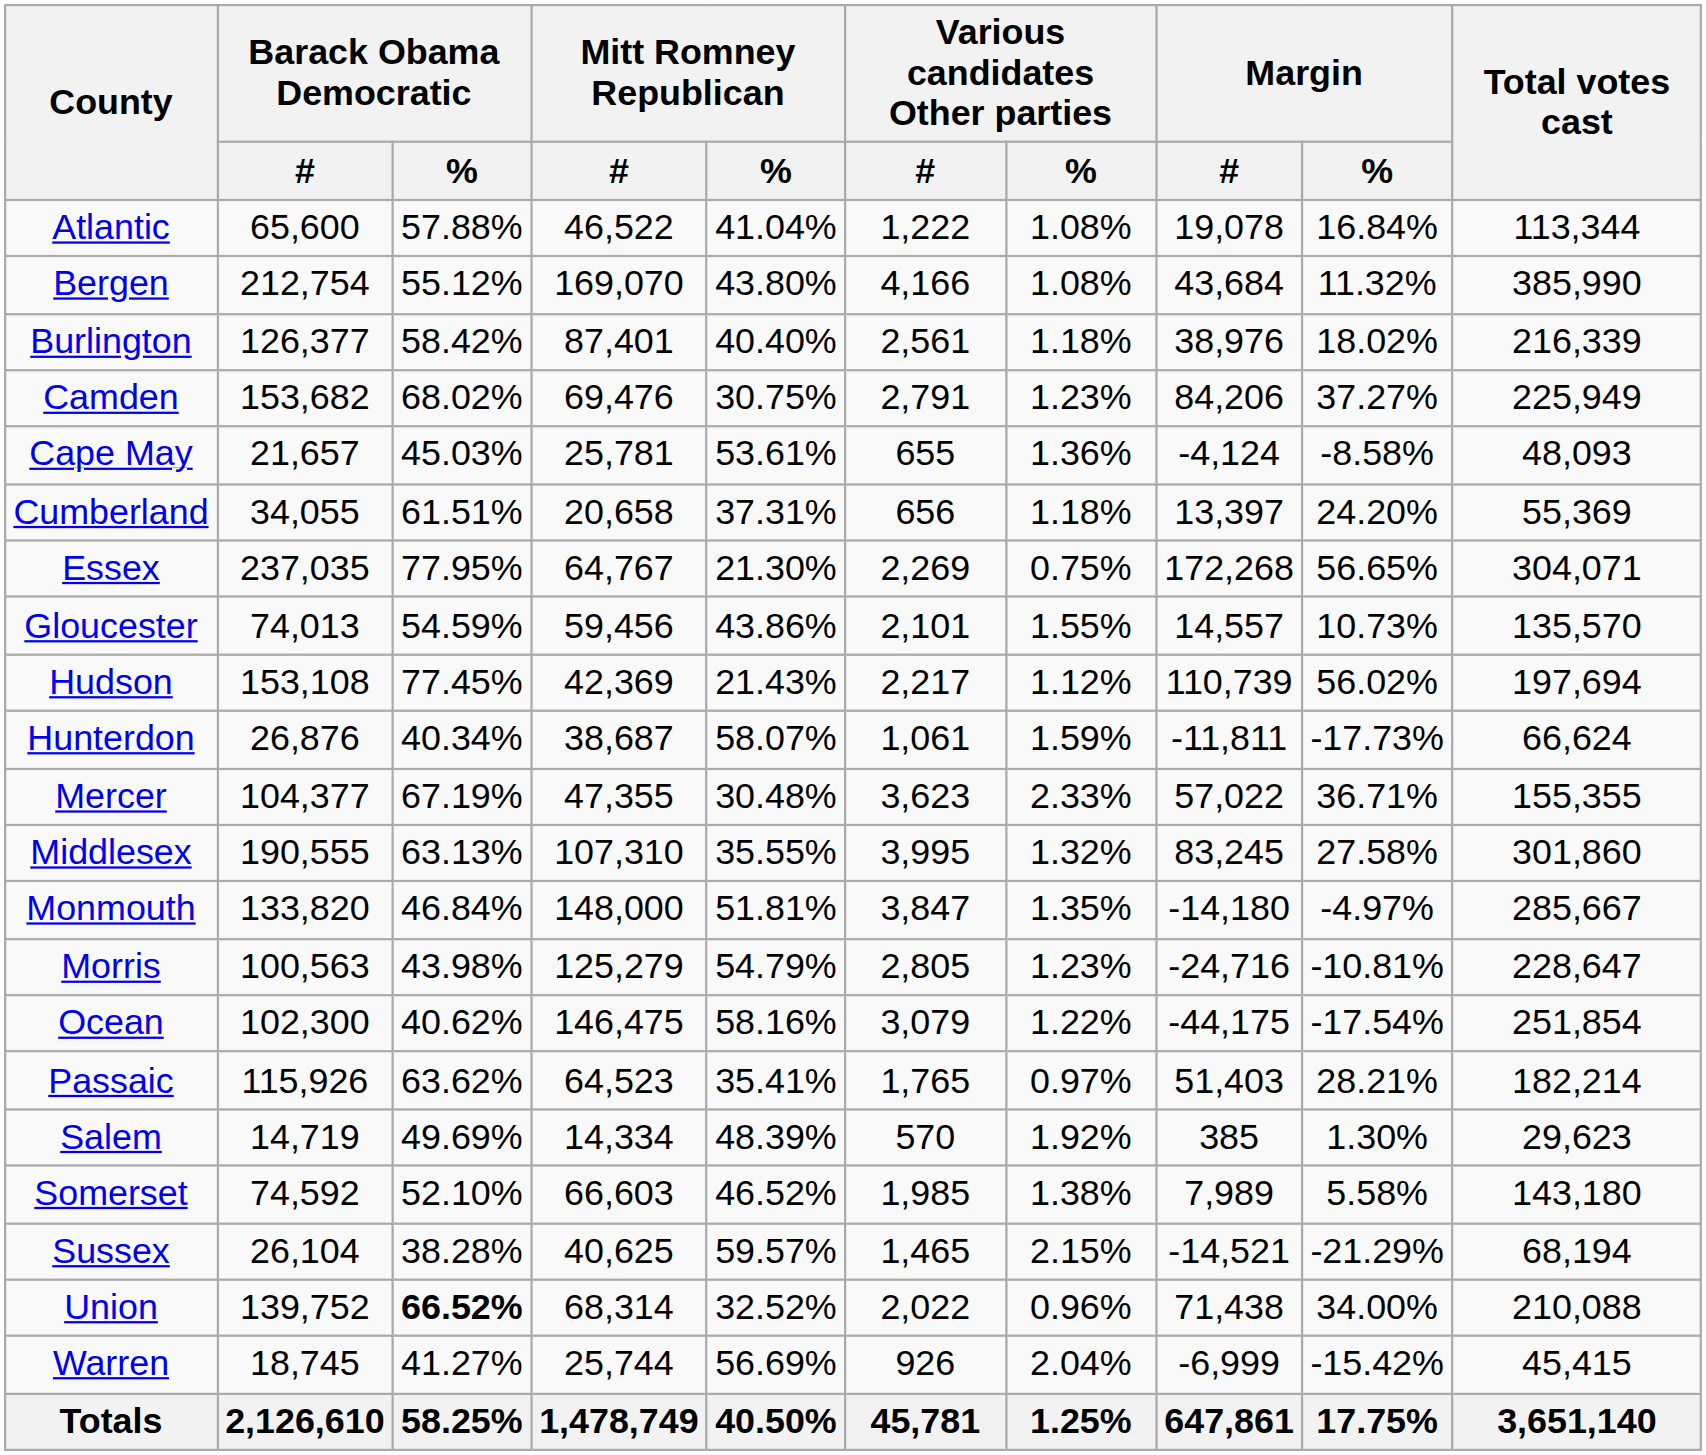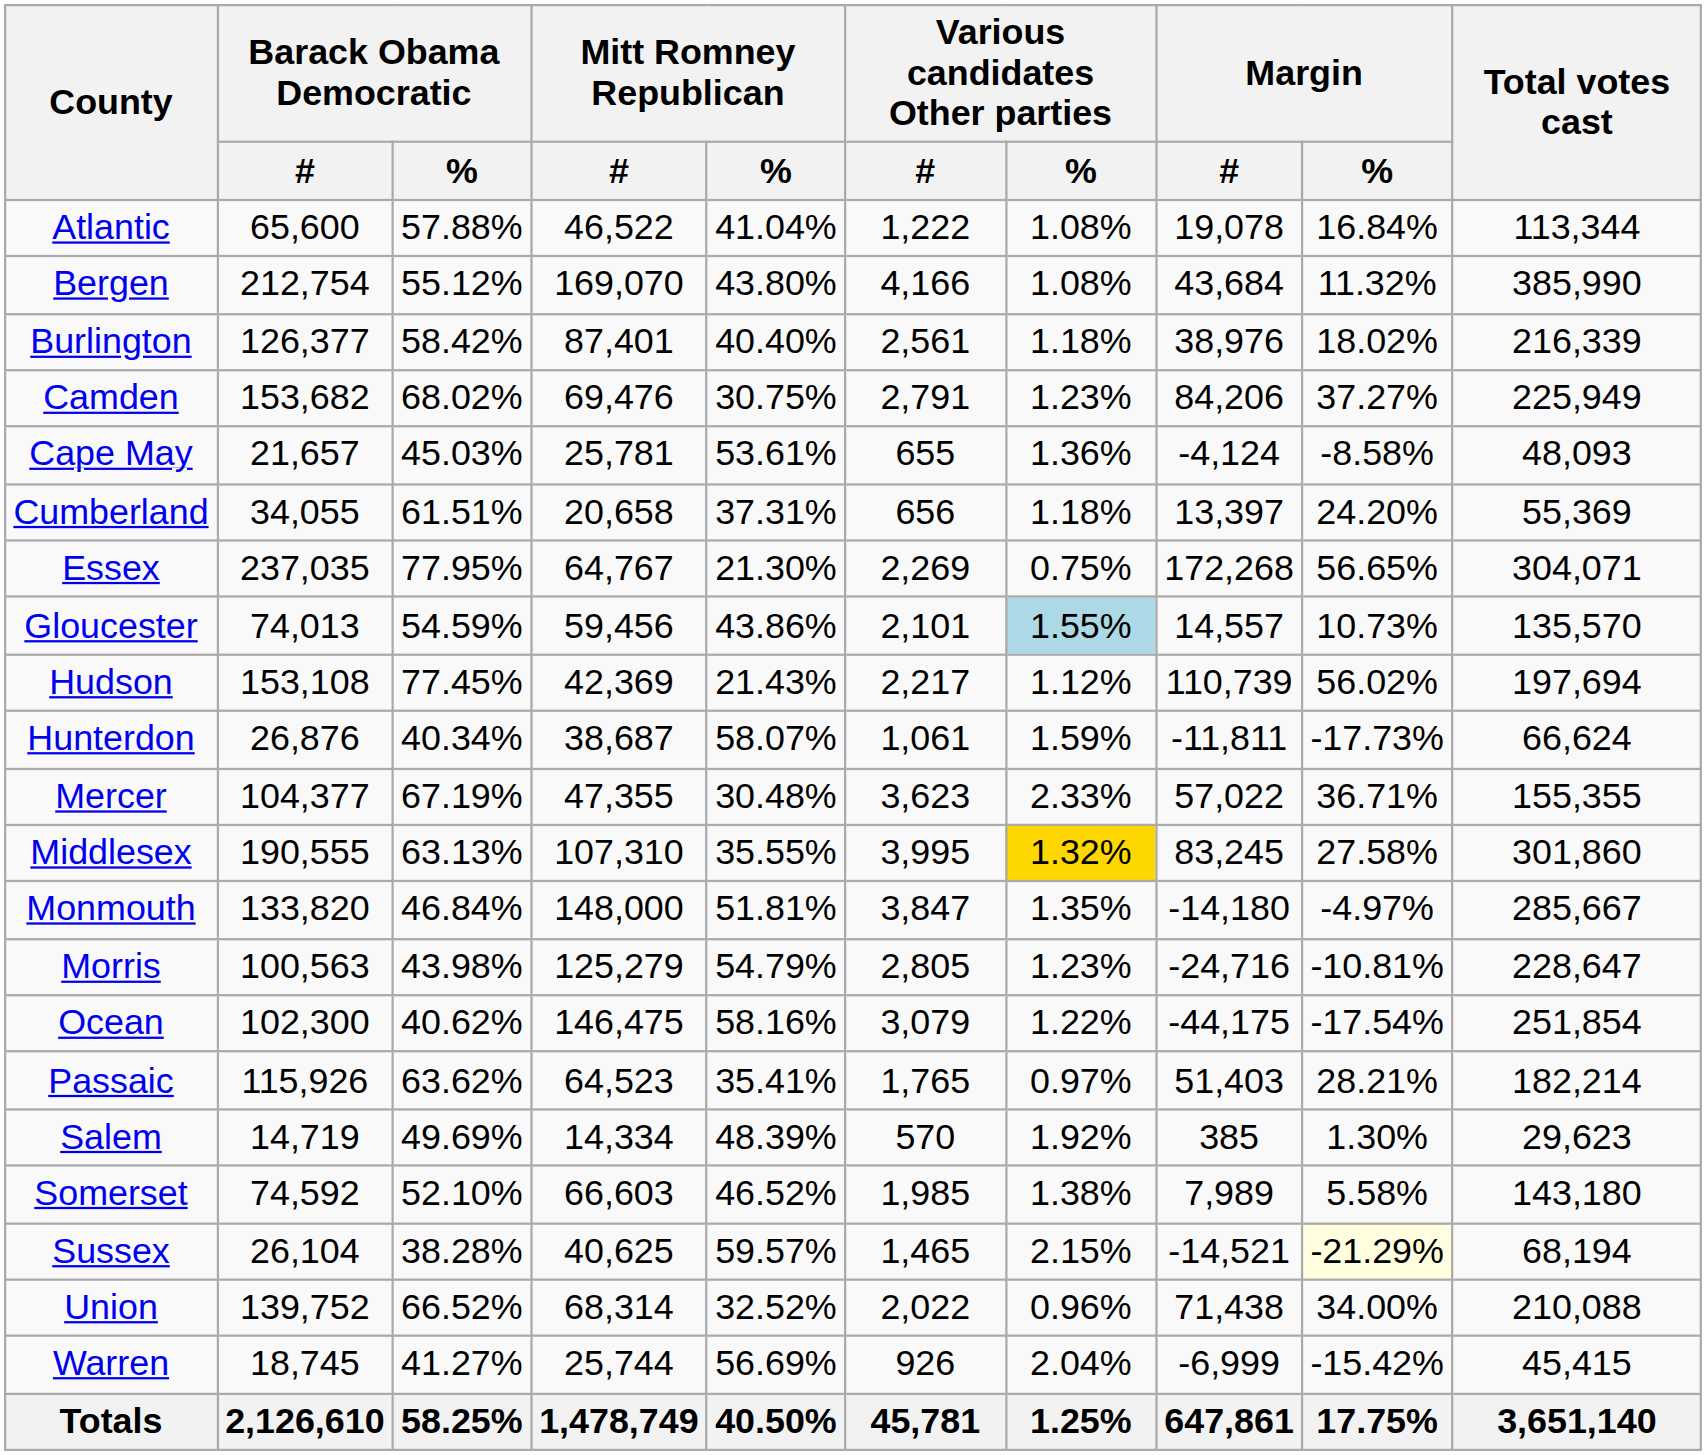 <table width="60%"  class="wikitable sortable" style="text-align:center">
 <tr>
 <th style="text-align:center;" rowspan="2">County</th>
 <th style="text-align:center;" colspan="2">Barack Obama<br>Democratic</th>
 <th style="text-align:center;" colspan="2">Mitt Romney<br>Republican</th>
 <th style="text-align:center;" colspan="2">Various candidates<br>Other parties</th>
 <th style="text-align:center;" colspan="2">Margin</th>
 <th style="text-align:center;" rowspan="2">Total votes cast</th>
 </tr>
 <tr>
 <th style="text-align:center;" data-sort-type="number">#</th>
 <th style="text-align:center;" data-sort-type="number">%</th>
 <th style="text-align:center;" data-sort-type="number">#</th>
 <th style="text-align:center;" data-sort-type="number">%</th>
 <th style="text-align:center;" data-sort-type="number">#</th>
 <th style="text-align:center;" data-sort-type="number">%</th>
 <th style="text-align:center;" data-sort-type="number">#</th>
 <th style="text-align:center;" data-sort-type="number">%</th>
 </tr>
 <tr style="text-align:center;">
 <td><a href='#'>Atlantic</a></td>
 <td>65,600</td>
 <td>57.88%</td>
 <td>46,522</td>
 <td>41.04%</td>
 <td>1,222</td>
 <td>1.08%</td>
 <td>19,078</td>
 <td>16.84%</td>
 <td>113,344</td>
 </tr>
 <tr style="text-align:center;">
 <td><a href='#'>Bergen</a></td>
 <td>212,754</td>
 <td>55.12%</td>
 <td>169,070</td>
 <td>43.80%</td>
 <td>4,166</td>
 <td>1.08%</td>
 <td>43,684</td>
 <td>11.32%</td>
 <td>385,990</td>
 </tr>
 <tr style="text-align:center;">
 <td><a href='#'>Burlington</a></td>
 <td>126,377</td>
 <td>58.42%</td>
 <td>87,401</td>
 <td>40.40%</td>
 <td>2,561</td>
 <td>1.18%</td>
 <td>38,976</td>
 <td>18.02%</td>
 <td>216,339</td>
 </tr>
 <tr style="text-align:center;">
 <td><a href='#'>Camden</a></td>
 <td>153,682</td>
 <td>68.02%</td>
 <td>69,476</td>
 <td>30.75%</td>
 <td>2,791</td>
 <td>1.23%</td>
 <td>84,206</td>
 <td>37.27%</td>
 <td>225,949</td>
 </tr>
 <tr style="text-align:center;">
 <td><a href='#'>Cape May</a></td>
 <td>21,657</td>
 <td>45.03%</td>
 <td>25,781</td>
 <td>53.61%</td>
 <td>655</td>
 <td>1.36%</td>
 <td>-4,124</td>
 <td>-8.58%</td>
 <td>48,093</td>
 </tr>
 <tr style="text-align:center;">
 <td><a href='#'>Cumberland</a></td>
 <td>34,055</td>
 <td>61.51%</td>
 <td>20,658</td>
 <td>37.31%</td>
 <td>656</td>
 <td>1.18%</td>
 <td>13,397</td>
 <td>24.20%</td>
 <td>55,369</td>
 </tr>
 <tr style="text-align:center;">
 <td><a href='#'>Essex</a></td>
 <td>237,035</td>
 <td>77.95%</td>
 <td>64,767</td>
 <td>21.30%</td>
 <td>2,269</td>
 <td>0.75%</td>
 <td>172,268</td>
 <td>56.65%</td>
 <td>304,071</td>
 </tr>
 <tr style="text-align:center;">
 <td><a href='#'>Gloucester</a></td>
 <td>74,013</td>
 <td>54.59%</td>
 <td>59,456</td>
 <td>43.86%</td>
 <td>2,101</td>
-<td>1.55%</td>
+<td style="background: lightblue;">1.55%</td>
 <td>14,557</td>
 <td>10.73%</td>
 <td>135,570</td>
 </tr>
 <tr style="text-align:center;">
 <td><a href='#'>Hudson</a></td>
 <td>153,108</td>
 <td>77.45%</td>
 <td>42,369</td>
 <td>21.43%</td>
 <td>2,217</td>
 <td>1.12%</td>
 <td>110,739</td>
 <td>56.02%</td>
 <td>197,694</td>
 </tr>
 <tr style="text-align:center;">
 <td><a href='#'>Hunterdon</a></td>
 <td>26,876</td>
 <td>40.34%</td>
 <td>38,687</td>
 <td>58.07%</td>
 <td>1,061</td>
 <td>1.59%</td>
 <td>-11,811</td>
 <td>-17.73%</td>
 <td>66,624</td>
 </tr>
 <tr style="text-align:center;">
 <td><a href='#'>Mercer</a></td>
 <td>104,377</td>
 <td>67.19%</td>
 <td>47,355</td>
 <td>30.48%</td>
 <td>3,623</td>
 <td>2.33%</td>
 <td>57,022</td>
 <td>36.71%</td>
 <td>155,355</td>
 </tr>
 <tr style="text-align:center;">
 <td><a href='#'>Middlesex</a></td>
 <td>190,555</td>
 <td>63.13%</td>
 <td>107,310</td>
 <td>35.55%</td>
 <td>3,995</td>
-<td>1.32%</td>
+<td style="background: gold;">1.32%</td>
 <td>83,245</td>
 <td>27.58%</td>
 <td>301,860</td>
 </tr>
 <tr style="text-align:center;">
 <td><a href='#'>Monmouth</a></td>
 <td>133,820</td>
 <td>46.84%</td>
 <td>148,000</td>
 <td>51.81%</td>
 <td>3,847</td>
 <td>1.35%</td>
 <td>-14,180</td>
 <td>-4.97%</td>
 <td>285,667</td>
 </tr>
 <tr style="text-align:center;">
 <td><a href='#'>Morris</a></td>
 <td>100,563</td>
 <td>43.98%</td>
 <td>125,279</td>
 <td>54.79%</td>
 <td>2,805</td>
 <td>1.23%</td>
 <td>-24,716</td>
 <td>-10.81%</td>
 <td>228,647</td>
 </tr>
 <tr style="text-align:center;">
 <td><a href='#'>Ocean</a></td>
 <td>102,300</td>
 <td>40.62%</td>
 <td>146,475</td>
 <td>58.16%</td>
 <td>3,079</td>
 <td>1.22%</td>
 <td>-44,175</td>
 <td>-17.54%</td>
 <td>251,854</td>
 </tr>
 <tr style="text-align:center;">
 <td><a href='#'>Passaic</a></td>
 <td>115,926</td>
 <td>63.62%</td>
 <td>64,523</td>
 <td>35.41%</td>
 <td>1,765</td>
 <td>0.97%</td>
 <td>51,403</td>
 <td>28.21%</td>
 <td>182,214</td>
 </tr>
 <tr style="text-align:center;">
 <td><a href='#'>Salem</a></td>
 <td>14,719</td>
 <td>49.69%</td>
 <td>14,334</td>
 <td>48.39%</td>
 <td>570</td>
 <td>1.92%</td>
 <td>385</td>
 <td>1.30%</td>
 <td>29,623</td>
 </tr>
 <tr style="text-align:center;">
 <td><a href='#'>Somerset</a></td>
 <td>74,592</td>
 <td>52.10%</td>
 <td>66,603</td>
 <td>46.52%</td>
 <td>1,985</td>
 <td>1.38%</td>
 <td>7,989</td>
 <td>5.58%</td>
 <td>143,180</td>
 </tr>
 <tr style="text-align:center;">
 <td><a href='#'>Sussex</a></td>
 <td>26,104</td>
 <td>38.28%</td>
 <td>40,625</td>
 <td>59.57%</td>
 <td>1,465</td>
 <td>2.15%</td>
 <td>-14,521</td>
-<td>-21.29%</td>
+<td style="background: lightyellow;">-21.29%</td>
 <td>68,194</td>
 </tr>
 <tr style="text-align:center;">
 <td><a href='#'>Union</a></td>
 <td>139,752</td>
-<td><strong>66.52%</strong></td>
+<td>66.52%</td>
 <td>68,314</td>
 <td>32.52%</td>
 <td>2,022</td>
 <td>0.96%</td>
 <td>71,438</td>
 <td>34.00%</td>
 <td>210,088</td>
 </tr>
 <tr style="text-align:center;">
 <td><a href='#'>Warren</a></td>
 <td>18,745</td>
 <td>41.27%</td>
 <td>25,744</td>
 <td>56.69%</td>
 <td>926</td>
 <td>2.04%</td>
 <td>-6,999</td>
 <td>-15.42%</td>
 <td>45,415</td>
 </tr>
 <tr>
 <th>Totals</th>
 <th>2,126,610</th>
 <th>58.25%</th>
 <th>1,478,749</th>
 <th>40.50%</th>
 <th>45,781</th>
 <th>1.25%</th>
 <th>647,861</th>
 <th>17.75%</th>
 <th>3,651,140</th>
 </tr>
 </table>
